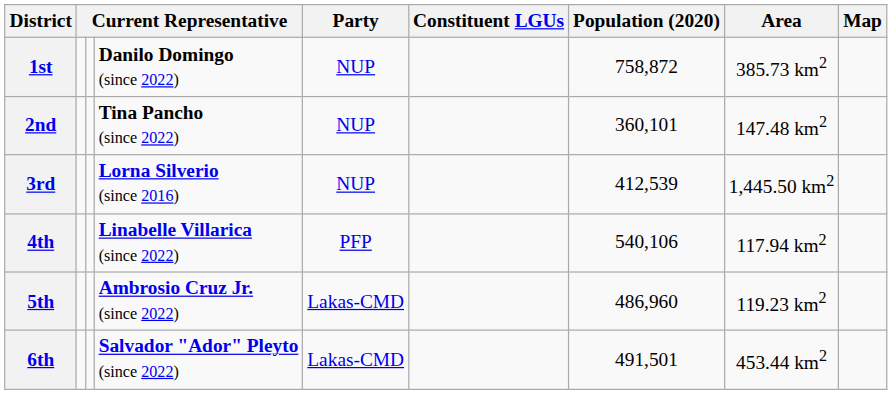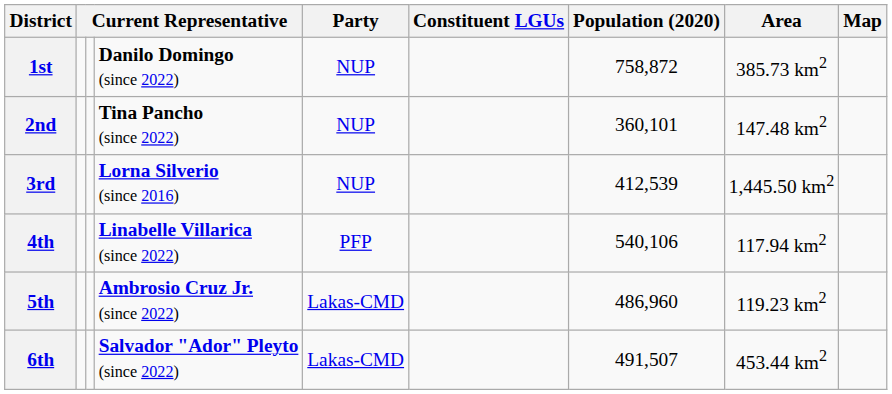 <table class="wikitable sortable" style="margin: 1em auto; font-size:100%; line-height:20px; text-align:center">
 <tr>
 <th>District</th>
 <th colspan="3">Current Representative</th>
 <th>Party</th>
 <th>Constituent <a href='#'>LGUs</a></th>
 <th>Population (2020)</th>
 <th>Area</th>
 <th>Map</th>
 </tr>
 <tr>
 <th><a href='#'>1st</a></th>
 <td style="background:"></td>
 <td></td>
 <td style="text-align:left;"><strong>Danilo Domingo</strong><br><small>(since <a href='#'>2022</a>)</small></td>
 <td><a href='#'>NUP</a></td>
 <td></td>
 <td>758,872</td>
 <td>385.73 km<sup>2</sup></td>
 <td></td>
 </tr>
 <tr>
 <th><a href='#'>2nd</a></th>
 <td style="background:"></td>
 <td></td>
 <td style="text-align:left;"><strong>Tina Pancho</strong><br><small>(since <a href='#'>2022</a>)</small></td>
 <td><a href='#'>NUP</a></td>
 <td></td>
 <td>360,101</td>
 <td>147.48 km<sup>2</sup></td>
 <td></td>
 </tr>
 <tr>
 <th><a href='#'>3rd</a></th>
 <td style="background:"></td>
 <td></td>
 <td style="text-align:left;"><strong><a href='#'>Lorna Silverio</a></strong><br><small>(since <a href='#'>2016</a>)</small></td>
 <td><a href='#'>NUP</a></td>
 <td></td>
 <td>412,539</td>
 <td>1,445.50 km<sup>2</sup></td>
 <td></td>
 </tr>
 <tr>
 <th><a href='#'>4th</a></th>
 <td style="background:"></td>
 <td></td>
 <td style="text-align:left;"><strong><a href='#'>Linabelle Villarica</a></strong><br><small>(since <a href='#'>2022</a>)</small></td>
 <td><a href='#'>PFP</a></td>
 <td></td>
 <td>540,106</td>
 <td>117.94 km<sup>2</sup></td>
 <td></td>
 </tr>
 <tr>
 <th><a href='#'>5th</a></th>
 <td style="background:"></td>
 <td></td>
 <td style="text-align:left;"><strong><a href='#'>Ambrosio Cruz Jr.</a></strong><br><small>(since <a href='#'>2022</a>)</small></td>
 <td><a href='#'>Lakas-CMD</a></td>
 <td></td>
 <td>486,960</td>
 <td>119.23 km<sup>2</sup></td>
 <td></td>
 </tr>
 <tr>
 <th><a href='#'>6th</a></th>
 <td style="background:"></td>
 <td></td>
 <td style="text-align:left;"><strong><a href='#'>Salvador "Ador" Pleyto</a></strong><br><small>(since <a href='#'>2022</a>)</small></td>
 <td><a href='#'>Lakas-CMD</a></td>
 <td></td>
-<td>491,501</td>
+<td>491,507</td>
 <td>453.44 km<sup>2</sup></td>
 <td></td>
 </tr>
 </table>
